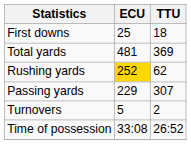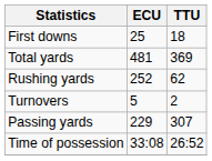 <table class="wikitable">
 <tr>
 <th>Statistics</th>
 <th>ECU</th>
 <th>TTU</th>
 </tr>
 <tr>
 <td>First downs</td>
 <td>25</td>
 <td>18</td>
 </tr>
 <tr>
 <td>Total yards</td>
 <td>481</td>
 <td>369</td>
 </tr>
 <tr>
 <td>Rushing yards</td>
-<td style="background: gold;">252</td>
+<td>252</td>
 <td>62</td>
+</tr>
+<tr>
+<td>Turnovers</td>
+<td>5</td>
+<td>2</td>
 </tr>
 <tr>
 <td>Passing yards</td>
 <td>229</td>
 <td>307</td>
-</tr>
-<tr>
-<td>Turnovers</td>
-<td>5</td>
-<td>2</td>
 </tr>
 <tr>
 <td>Time of possession</td>
 <td>33:08</td>
 <td>26:52</td>
 </tr>
 <tr>
 </tr>
 </table>
